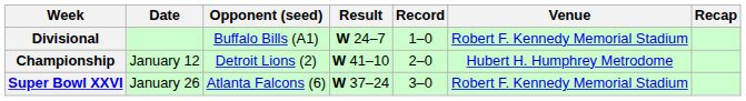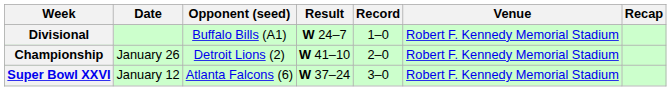 <table class="wikitable" style="text-align:center">
 <tr>
 <th>Week</th>
 <th>Date</th>
 <th>Opponent (seed)</th>
 <th>Result</th>
 <th>Record</th>
 <th>Venue</th>
 <th>Recap</th>
 </tr>
 <tr style="background:#cfc">
 <th>Divisional</th>
 <td></td>
 <td><a href='#'>Buffalo Bills</a> (A1)</td>
 <td><strong>W</strong> 24–7</td>
 <td>1–0</td>
 <td><a href='#'>Robert F. Kennedy Memorial Stadium</a></td>
 <td></td>
 </tr>
 <tr style="background:#cfc">
 <th>Championship</th>
-<td>January 12</td>
+<td>January 26</td>
 <td><a href='#'>Detroit Lions</a> (2)</td>
 <td><strong>W</strong> 41–10</td>
 <td>2–0</td>
-<td><a href='#'>Hubert H. Humphrey Metrodome</a></td>
+<td><a href='#'>Robert F. Kennedy Memorial Stadium</a></td>
 <td></td>
 </tr>
 <tr style="background:#cfc">
 <th><a href='#'>Super Bowl XXVI</a></th>
-<td>January 26</td>
+<td>January 12</td>
 <td><a href='#'>Atlanta Falcons</a> (6)</td>
 <td><strong>W</strong> 37–24</td>
 <td>3–0</td>
 <td><a href='#'>Robert F. Kennedy Memorial Stadium</a></td>
 <td></td>
 </tr>
 </table>
